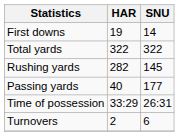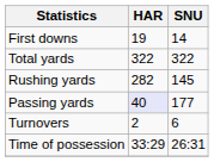 <table class="wikitable" style="float: left;">
 <tr>
 <th>Statistics</th>
 <th>HAR</th>
 <th>SNU</th>
 </tr>
 <tr>
 <td>First downs</td>
 <td>19</td>
 <td>14</td>
 </tr>
 <tr>
 <td>Total yards</td>
 <td>322</td>
 <td>322</td>
 </tr>
 <tr>
 <td>Rushing yards</td>
 <td>282</td>
 <td>145</td>
 </tr>
 <tr>
 <td>Passing yards</td>
-<td>40</td>
+<td style="background: lavender;">40</td>
 <td>177</td>
+</tr>
+<tr>
+<td>Turnovers</td>
+<td>2</td>
+<td>6</td>
 </tr>
 <tr>
 <td>Time of possession</td>
 <td>33:29</td>
 <td>26:31</td>
 </tr>
 <tr>
-<td>Turnovers</td>
-<td>2</td>
-<td>6</td>
-</tr>
-<tr>
 </tr>
 </table>
